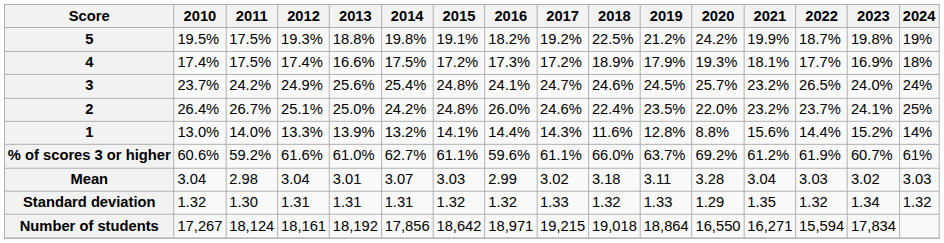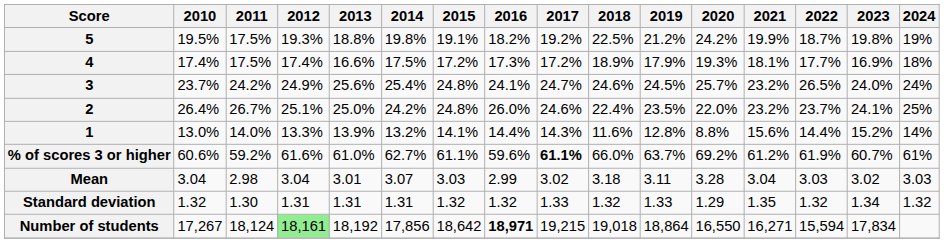 <table class="wikitable">
 <tr>
 <th>Score</th>
 <th>2010</th>
 <th>2011</th>
 <th>2012</th>
 <th>2013</th>
 <th>2014</th>
 <th>2015</th>
 <th>2016</th>
 <th>2017</th>
 <th>2018</th>
 <th>2019</th>
 <th>2020</th>
 <th>2021</th>
 <th>2022</th>
 <th>2023</th>
 <th>2024</th>
 </tr>
 <tr>
 <th>5</th>
 <td>19.5%</td>
 <td>17.5%</td>
 <td>19.3%</td>
 <td>18.8%</td>
 <td>19.8%</td>
 <td>19.1%</td>
 <td>18.2%</td>
 <td>19.2%</td>
 <td>22.5%</td>
 <td>21.2%</td>
 <td>24.2%</td>
 <td>19.9%</td>
 <td>18.7%</td>
 <td>19.8%</td>
 <td>19%</td>
 </tr>
 <tr>
 <th>4</th>
 <td>17.4%</td>
 <td>17.5%</td>
 <td>17.4%</td>
 <td>16.6%</td>
 <td>17.5%</td>
 <td>17.2%</td>
 <td>17.3%</td>
 <td>17.2%</td>
 <td>18.9%</td>
 <td>17.9%</td>
 <td>19.3%</td>
 <td>18.1%</td>
 <td>17.7%</td>
 <td>16.9%</td>
 <td>18%</td>
 </tr>
 <tr>
 <th>3</th>
 <td>23.7%</td>
 <td>24.2%</td>
 <td>24.9%</td>
 <td>25.6%</td>
 <td>25.4%</td>
 <td>24.8%</td>
 <td>24.1%</td>
 <td>24.7%</td>
 <td>24.6%</td>
 <td>24.5%</td>
 <td>25.7%</td>
 <td>23.2%</td>
 <td>26.5%</td>
 <td>24.0%</td>
 <td>24%</td>
 </tr>
 <tr>
 <th>2</th>
 <td>26.4%</td>
 <td>26.7%</td>
 <td>25.1%</td>
 <td>25.0%</td>
 <td>24.2%</td>
 <td>24.8%</td>
 <td>26.0%</td>
 <td>24.6%</td>
 <td>22.4%</td>
 <td>23.5%</td>
 <td>22.0%</td>
 <td>23.2%</td>
 <td>23.7%</td>
 <td>24.1%</td>
 <td>25%</td>
 </tr>
 <tr>
 <th>1</th>
 <td>13.0%</td>
 <td>14.0%</td>
 <td>13.3%</td>
 <td>13.9%</td>
 <td>13.2%</td>
 <td>14.1%</td>
 <td>14.4%</td>
 <td>14.3%</td>
 <td>11.6%</td>
 <td>12.8%</td>
 <td>8.8%</td>
 <td>15.6%</td>
 <td>14.4%</td>
 <td>15.2%</td>
 <td>14%</td>
 </tr>
 <tr>
 <th>% of scores 3 or higher</th>
 <td>60.6%</td>
 <td>59.2%</td>
 <td>61.6%</td>
 <td>61.0%</td>
 <td>62.7%</td>
 <td>61.1%</td>
 <td>59.6%</td>
-<td>61.1%</td>
+<td><strong>61.1%</strong></td>
 <td>66.0%</td>
 <td>63.7%</td>
 <td>69.2%</td>
 <td>61.2%</td>
 <td>61.9%</td>
 <td>60.7%</td>
 <td>61%</td>
 </tr>
 <tr>
 <th>Mean</th>
 <td>3.04</td>
 <td>2.98</td>
 <td>3.04</td>
 <td>3.01</td>
 <td>3.07</td>
 <td>3.03</td>
 <td>2.99</td>
 <td>3.02</td>
 <td>3.18</td>
 <td>3.11</td>
 <td>3.28</td>
 <td>3.04</td>
 <td>3.03</td>
 <td>3.02</td>
 <td>3.03</td>
 </tr>
 <tr>
 <th>Standard deviation</th>
 <td>1.32</td>
 <td>1.30</td>
 <td>1.31</td>
 <td>1.31</td>
 <td>1.31</td>
 <td>1.32</td>
 <td>1.32</td>
 <td>1.33</td>
 <td>1.32</td>
 <td>1.33</td>
 <td>1.29</td>
 <td>1.35</td>
 <td>1.32</td>
 <td>1.34</td>
 <td>1.32</td>
 </tr>
 <tr>
 <th>Number of students</th>
 <td>17,267</td>
 <td>18,124</td>
-<td>18,161</td>
+<td style="background: lightgreen;">18,161</td>
 <td>18,192</td>
 <td>17,856</td>
 <td>18,642</td>
-<td>18,971</td>
+<td><strong>18,971</strong></td>
 <td>19,215</td>
 <td>19,018</td>
 <td>18,864</td>
 <td>16,550</td>
 <td>16,271</td>
 <td>15,594</td>
 <td>17,834</td>
 <td></td>
 </tr>
 <tr>
 </tr>
 </table>
